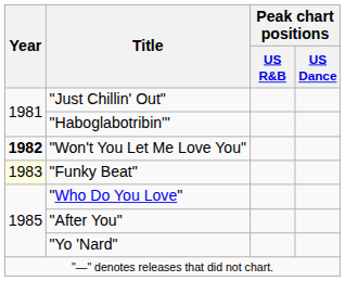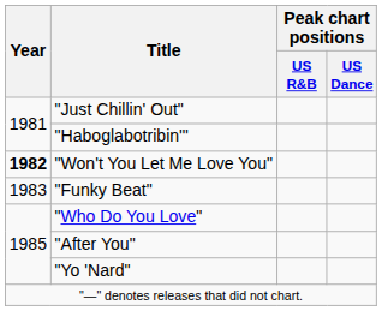 <table class=wikitable>
 <tr>
 <th scope="col" rowspan="2">Year</th>
 <th scope="col" rowspan="2">Title</th>
 <th scope="col" colspan="2">Peak chart positions</th>
 </tr>
 <tr>
 <th style="width:40px;"><small><a href='#'>US<br>R&B</a></small><br></th>
 <th style="width:40px;"><small><a href='#'>US<br>Dance</a></small><br></th>
 </tr>
 <tr>
 <td rowspan="2">1981</td>
 <td>"Just Chillin' Out"</td>
 <td></td>
 <td></td>
 </tr>
 <tr>
 <td>"Haboglabotribin'"</td>
 <td></td>
 <td></td>
 </tr>
 <tr>
 <td rowspan="1"><strong>1982</strong></td>
 <td>"Won't You Let Me Love You"</td>
 <td></td>
 <td></td>
 </tr>
 <tr>
-<td rowspan="1" style="background: lightyellow;">1983</td>
+<td rowspan="1">1983</td>
 <td>"Funky Beat"</td>
 <td></td>
 <td></td>
 </tr>
 <tr>
 <td rowspan="3">1985</td>
 <td>"<a href='#'>Who Do You Love</a>"</td>
 <td></td>
 <td></td>
 </tr>
 <tr>
 <td>"After You"</td>
 <td></td>
 <td></td>
 </tr>
 <tr>
 <td>"Yo 'Nard"</td>
 <td></td>
 <td></td>
 </tr>
 <tr>
 <td colspan="7" style="text-align:center; font-size:9pt;">"—" denotes releases that did not chart.</td>
 </tr>
 </table>
